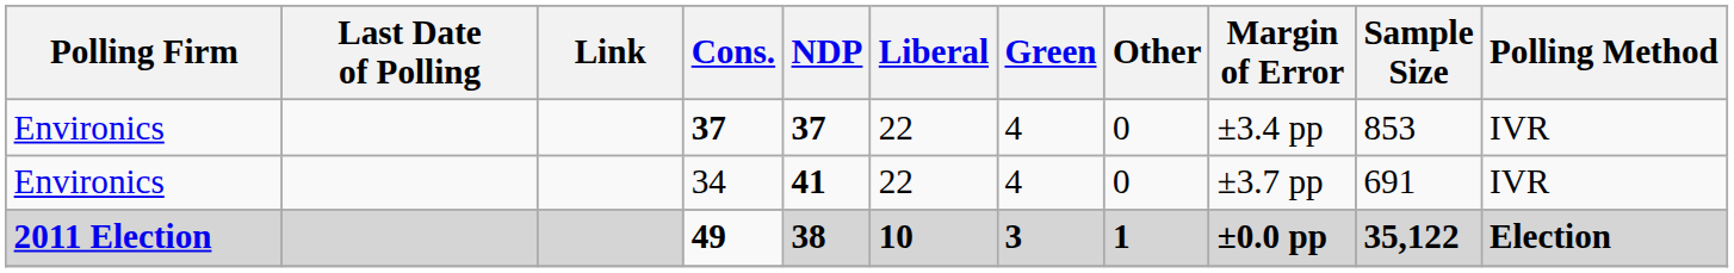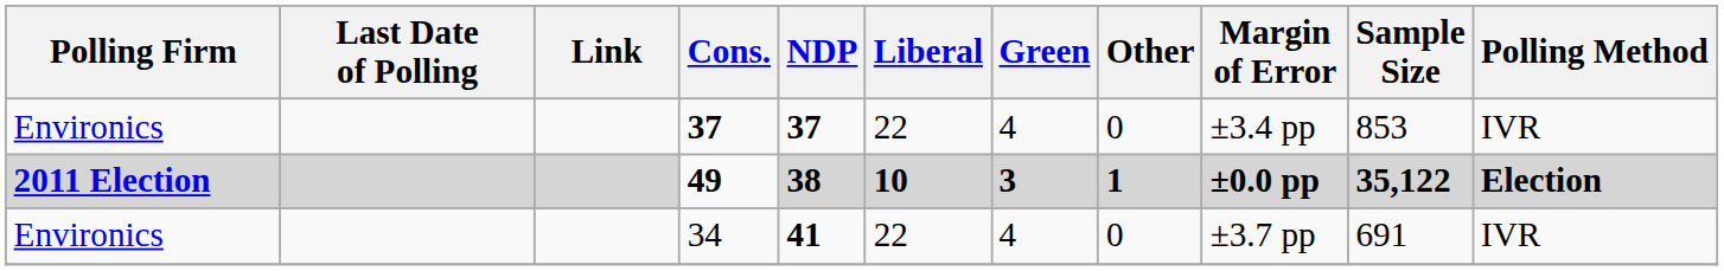 <table class="wikitable sortable">
 <tr style="background:#e9e9e9;">
 <th style="width:120px">Polling Firm</th>
 <th style="width:110px">Last Date<br>of Polling</th>
 <th style="width:60px" class="unsortable">Link</th>
 <th style="background-color:"><strong><a href='#'>Cons.</a></strong></th>
 <th style="background-color:"><strong><a href='#'>NDP</a></strong></th>
 <th style="background-color:"><strong><a href='#'>Liberal</a></strong></th>
 <th style="background-color:"><strong><a href='#'>Green</a></strong></th>
 <th style="background-color:"><strong>Other</strong></th>
 <th style="width:60px;" class=unsortable>Margin<br>of Error</th>
 <th style="width:50px;" class=unsortable>Sample<br>Size</th>
 <th class=unsortable>Polling Method</th>
 </tr>
 <tr>
 <td><a href='#'>Environics</a></td>
 <td></td>
 <td></td>
 <td><strong>37</strong></td>
 <td><strong>37</strong></td>
 <td>22</td>
 <td>4</td>
 <td>0</td>
 <td>±3.4 pp</td>
 <td>853</td>
 <td>IVR</td>
 </tr>
 <tr>
+<td style="background:#D5D5D5"><strong><a href='#'>2011 Election</a></strong></td>
+<td style="background:#D5D5D5"><strong></strong></td>
+<td style="background:#D5D5D5"></td>
+<td><strong>49</strong></td>
+<td style="background:#D5D5D5"><strong>38</strong></td>
+<td style="background:#D5D5D5"><strong>10</strong></td>
+<td style="background:#D5D5D5"><strong>3</strong></td>
+<td style="background:#D5D5D5"><strong>1</strong></td>
+<td style="background:#D5D5D5"><strong>±0.0 pp</strong></td>
+<td style="background:#D5D5D5"><strong>35,122</strong></td>
+<td style="background:#D5D5D5"><strong>Election</strong></td>
+</tr>
+<tr>
 <td><a href='#'>Environics</a></td>
 <td></td>
 <td></td>
 <td>34</td>
 <td><strong>41</strong></td>
 <td>22</td>
 <td>4</td>
 <td>0</td>
 <td>±3.7 pp</td>
 <td>691</td>
 <td>IVR</td>
 </tr>
 <tr>
-<td style="background:#D5D5D5"><strong><a href='#'>2011 Election</a></strong></td>
-<td style="background:#D5D5D5"><strong></strong></td>
-<td style="background:#D5D5D5"></td>
-<td><strong>49</strong></td>
-<td style="background:#D5D5D5"><strong>38</strong></td>
-<td style="background:#D5D5D5"><strong>10</strong></td>
-<td style="background:#D5D5D5"><strong>3</strong></td>
-<td style="background:#D5D5D5"><strong>1</strong></td>
-<td style="background:#D5D5D5"><strong>±0.0 pp</strong></td>
-<td style="background:#D5D5D5"><strong>35,122</strong></td>
-<td style="background:#D5D5D5"><strong>Election</strong></td>
-</tr>
-<tr>
 </tr>
 <tr>
 </tr>
 </table>
